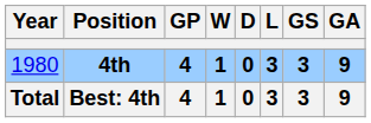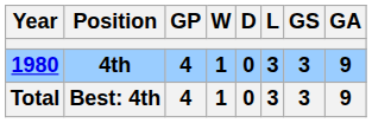 <table class="wikitable" style="text-align:center;">
 <tr>
 <th>Year</th>
 <th>Position</th>
 <th>GP</th>
 <th>W</th>
 <th>D</th>
 <th>L</th>
 <th>GS</th>
 <th>GA</th>
 </tr>
 <tr>
 <th colspan="8"></th>
 </tr>
 <tr style="background:#9ACDFF;">
-<td> <a href='#'>1980</a></td>
+<td><strong> <a href='#'>1980</a></strong></td>
 <td><strong>4th</strong></td>
 <td><strong>4</strong></td>
 <td><strong>1</strong></td>
 <td><strong>0</strong></td>
 <td><strong>3</strong></td>
 <td><strong>3</strong></td>
 <td><strong>9</strong></td>
 </tr>
 <tr>
 <th><strong>Total</strong></th>
 <th><strong>Best: 4th</strong></th>
 <th><strong>4</strong></th>
 <th><strong>1</strong></th>
 <th><strong>0</strong></th>
 <th><strong>3</strong></th>
 <th><strong>3</strong></th>
 <th><strong>9</strong></th>
 </tr>
 </table>
